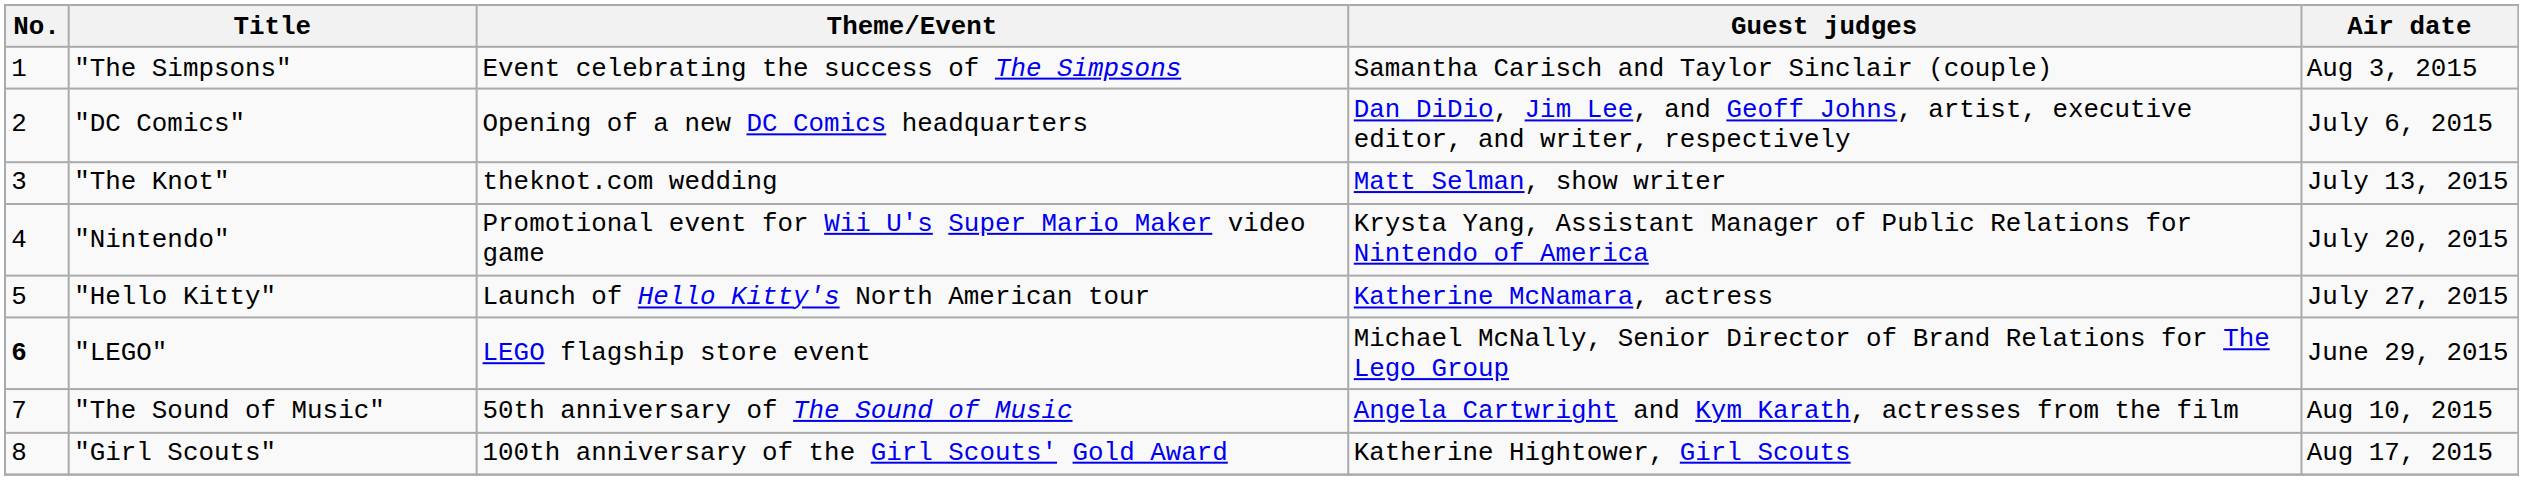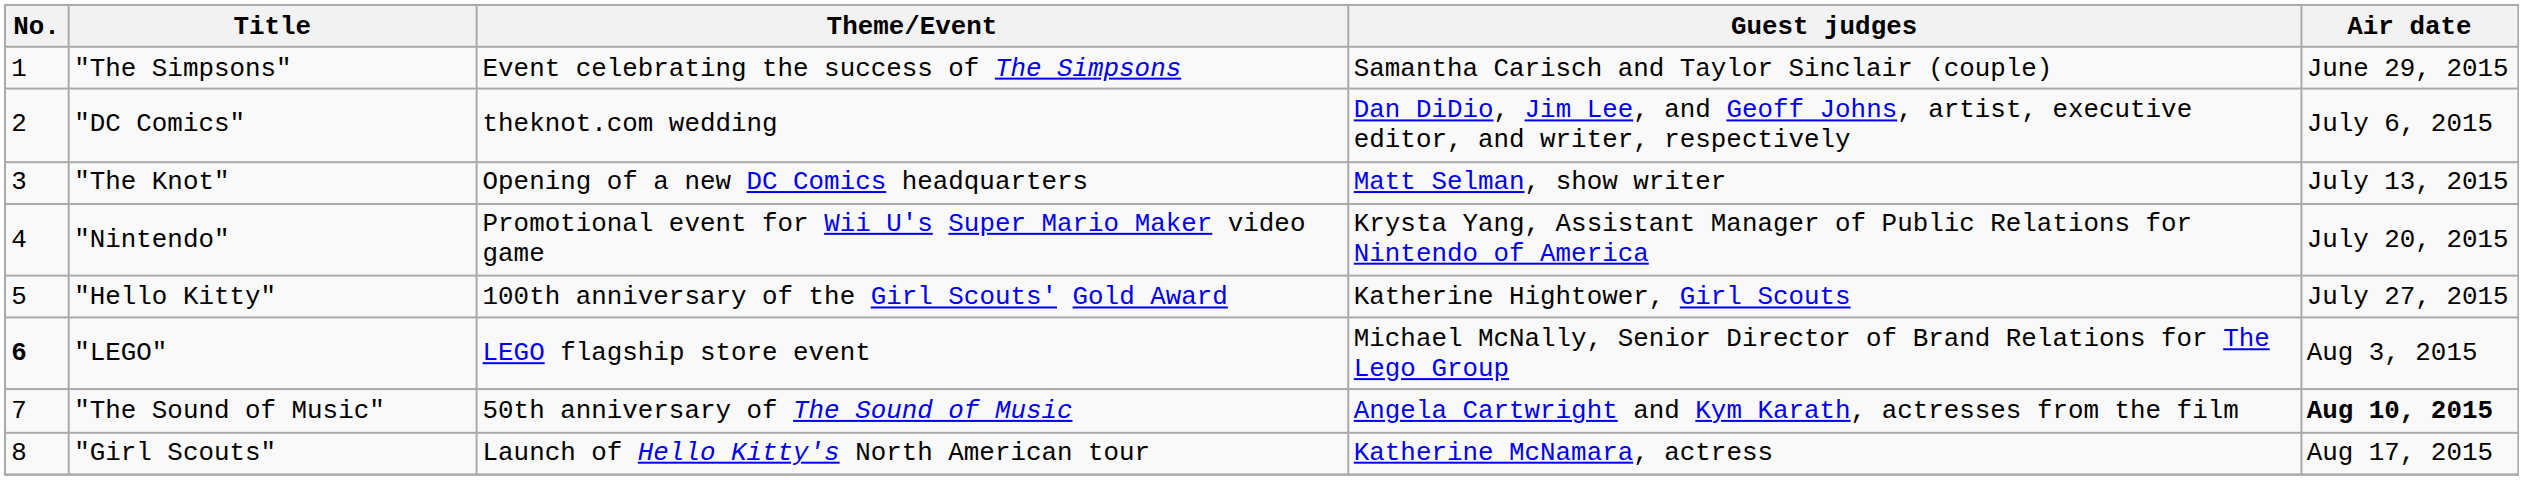 <table class="wikitable plainrowheaders" style="width:100%;">
 <tr>
 <th width=2%>No.</th>
 <th width=15%>Title</th>
 <th width=32%>Theme/Event</th>
 <th width=35%>Guest judges</th>
 <th width=8%>Air date</th>
 </tr>
 <tr>
 <td>1</td>
 <td>"The Simpsons"</td>
 <td>Event celebrating the success of <em><a href='#'>The Simpsons</a></em></td>
 <td>Samantha Carisch and Taylor Sinclair (couple)</td>
-<td>Aug 3, 2015</td>
+<td>June 29, 2015</td>
 </tr>
 <tr>
 <td>2</td>
 <td>"DC Comics"</td>
-<td>Opening of a new <a href='#'>DC Comics</a> headquarters</td>
+<td>theknot.com wedding</td>
 <td><a href='#'>Dan DiDio</a>, <a href='#'>Jim Lee</a>, and <a href='#'>Geoff Johns</a>, artist, executive editor, and writer, respectively</td>
 <td>July 6, 2015</td>
 </tr>
 <tr>
 <td>3</td>
 <td>"The Knot"</td>
-<td>theknot.com wedding</td>
+<td>Opening of a new <a href='#'>DC Comics</a> headquarters</td>
 <td><a href='#'>Matt Selman</a>, show writer</td>
 <td>July 13, 2015</td>
 </tr>
 <tr>
 <td>4</td>
 <td>"Nintendo"</td>
 <td>Promotional event for <a href='#'>Wii U's</a> <a href='#'>Super Mario Maker</a> video game</td>
 <td>Krysta Yang, Assistant Manager of Public Relations for <a href='#'>Nintendo of America</a></td>
 <td>July 20, 2015</td>
 </tr>
 <tr>
 <td>5</td>
 <td>"Hello Kitty"</td>
-<td>Launch of <em><a href='#'>Hello Kitty's</a></em> North American tour</td>
-<td><a href='#'>Katherine McNamara</a>, actress</td>
+<td>100th anniversary of the <a href='#'>Girl Scouts'</a> <a href='#'>Gold Award</a></td>
+<td>Katherine Hightower, <a href='#'>Girl Scouts</a></td>
 <td>July 27, 2015</td>
 </tr>
 <tr>
 <td><strong>6</strong></td>
 <td>"LEGO"</td>
 <td><a href='#'>LEGO</a> flagship store event</td>
 <td>Michael McNally, Senior Director of Brand Relations for <a href='#'>The Lego Group</a></td>
-<td>June 29, 2015</td>
+<td>Aug 3, 2015</td>
 </tr>
 <tr>
 <td>7</td>
 <td>"The Sound of Music"</td>
 <td>50th anniversary of <em><a href='#'>The Sound of Music</a></em></td>
 <td><a href='#'>Angela Cartwright</a> and <a href='#'>Kym Karath</a>, actresses from the film</td>
-<td>Aug 10, 2015</td>
+<td><strong>Aug 10, 2015</strong></td>
 </tr>
 <tr>
 <td>8</td>
 <td>"Girl Scouts"</td>
-<td>100th anniversary of the <a href='#'>Girl Scouts'</a> <a href='#'>Gold Award</a></td>
-<td>Katherine Hightower, <a href='#'>Girl Scouts</a></td>
+<td>Launch of <em><a href='#'>Hello Kitty's</a></em> North American tour</td>
+<td><a href='#'>Katherine McNamara</a>, actress</td>
 <td>Aug 17, 2015</td>
 </tr>
 <tr>
 </tr>
 </table>
